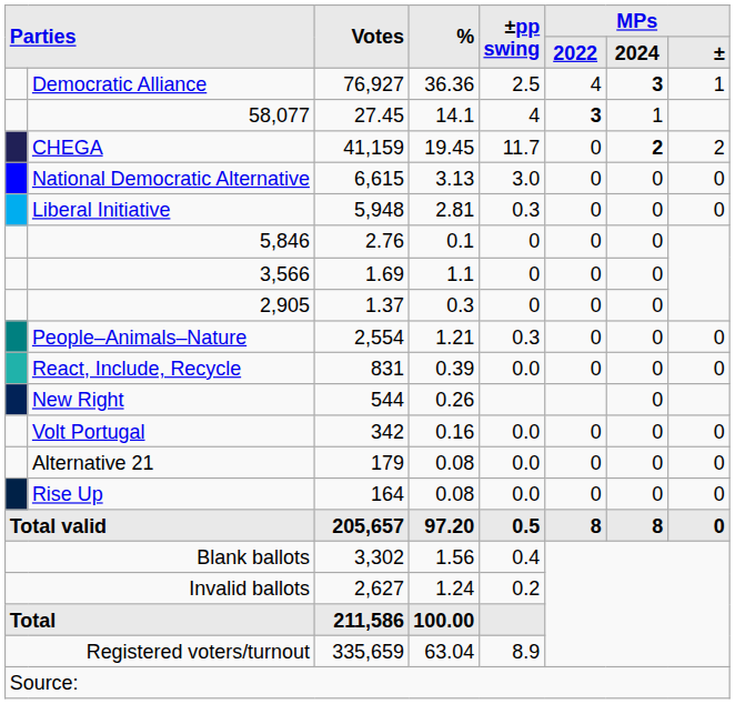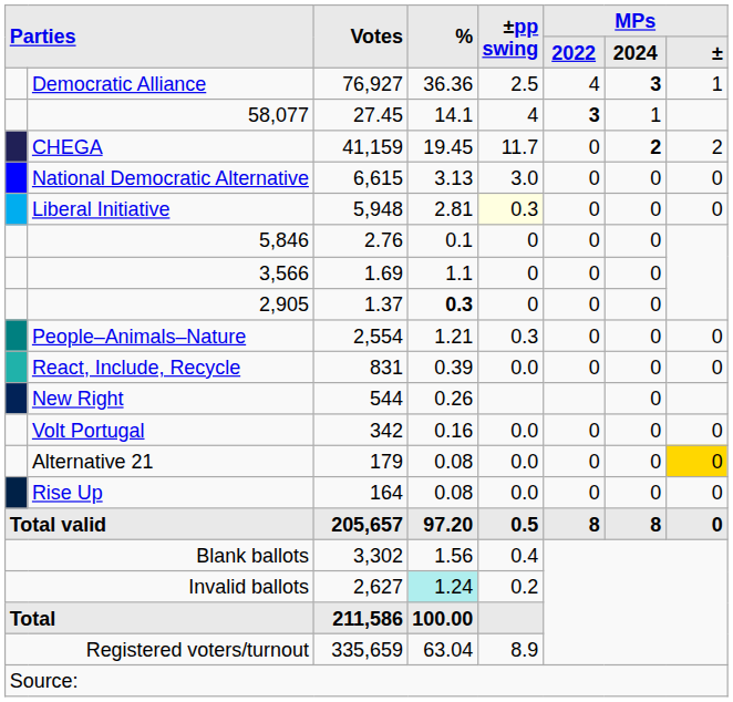 <table class="wikitable" style="text-align:right; font-size:95%;">
 <tr>
 <th rowspan="2" colspan="2" style="background:#e9e9e9; text-align:left;" alignleft><a href='#'>Parties</a></th>
 <th rowspan="2" style="background:#e9e9e9; text-align:right;">Votes</th>
 <th rowspan="2" style="background:#e9e9e9; text-align:right;">%</th>
 <th rowspan="2" style="background:#e9e9e9; text-align:right;">±<a href='#'>pp</a> <a href='#'>swing</a></th>
 <th colspan="3" style="background:#e9e9e9; text-align:center;"><a href='#'>MPs</a></th>
 </tr>
 <tr style="background-color:#E9E9E9">
 <th style="background-color:#E9E9E9;text-align:center;"><a href='#'>2022</a></th>
 <th style="background-color:#E9E9E9;text-align:center;">2024</th>
 <th style="background:#e9e9e9; text-align:right;">±</th>
 </tr>
 <tr>
 <td style="width: 10px"></td>
 <td align="left"><a href='#'>Democratic Alliance</a> </td>
 <td>76,927</td>
 <td>36.36</td>
 <td>2.5</td>
 <td>4</td>
 <td><strong>3</strong></td>
 <td>1</td>
 </tr>
 <tr>
 <td></td>
 <td>58,077</td>
 <td>27.45</td>
 <td>14.1</td>
 <td>4</td>
 <td><strong>3</strong></td>
 <td>1</td>
 </tr>
 <tr>
 <td style="width: 10px" bgcolor="#202056" align="center"></td>
 <td align="left"><a href='#'>CHEGA</a></td>
 <td>41,159</td>
 <td>19.45</td>
 <td>11.7</td>
 <td>0</td>
 <td><strong>2</strong></td>
 <td>2</td>
 </tr>
 <tr>
 <td style="width: 10px" bgcolor="blue" align="center"></td>
 <td align="left"><a href='#'>National Democratic Alternative</a></td>
 <td>6,615</td>
 <td>3.13</td>
 <td>3.0</td>
 <td>0</td>
 <td>0</td>
 <td>0</td>
 </tr>
 <tr>
 <td style="width: 10px" bgcolor="#00ADEF" align="center"></td>
 <td align="left"><a href='#'>Liberal Initiative</a></td>
 <td>5,948</td>
 <td>2.81</td>
-<td>0.3</td>
+<td style="background: lightyellow;">0.3</td>
 <td>0</td>
 <td>0</td>
 <td>0</td>
 </tr>
 <tr>
 <td></td>
 <td>5,846</td>
 <td>2.76</td>
 <td>0.1</td>
 <td>0</td>
 <td>0</td>
 <td>0</td>
 </tr>
 <tr>
 <td></td>
 <td>3,566</td>
 <td>1.69</td>
 <td>1.1</td>
 <td>0</td>
 <td>0</td>
 <td>0</td>
 </tr>
 <tr>
 <td></td>
 <td>2,905</td>
 <td>1.37</td>
-<td>0.3</td>
+<td><strong>0.3</strong></td>
 <td>0</td>
 <td>0</td>
 <td>0</td>
 </tr>
 <tr>
 <td style="width: 10px" bgcolor="teal" align="center"></td>
 <td align="left"><a href='#'>People–Animals–Nature</a></td>
 <td>2,554</td>
 <td>1.21</td>
 <td>0.3</td>
 <td>0</td>
 <td>0</td>
 <td>0</td>
 </tr>
 <tr>
 <td style="width: 10px" bgcolor="LightSeaGreen" align="center"></td>
 <td align="left"><a href='#'>React, Include, Recycle</a></td>
 <td>831</td>
 <td>0.39</td>
 <td>0.0</td>
 <td>0</td>
 <td>0</td>
 <td>0</td>
 </tr>
 <tr>
 <td style="width: 10px" bgcolor="#012257" align="center"></td>
 <td align="left"><a href='#'>New Right</a></td>
 <td>544</td>
 <td>0.26</td>
 <td></td>
 <td></td>
 <td>0</td>
 <td></td>
 </tr>
 <tr>
 <td style="width: 10px"></td>
 <td align="left"><a href='#'>Volt Portugal</a></td>
 <td>342</td>
 <td>0.16</td>
 <td>0.0</td>
 <td>0</td>
 <td>0</td>
 <td>0</td>
 </tr>
 <tr>
 <td style="width: 10px"></td>
 <td align="left">Alternative 21 </td>
 <td>179</td>
 <td>0.08</td>
 <td>0.0</td>
 <td>0</td>
 <td>0</td>
-<td>0</td>
+<td style="background: gold;">0</td>
 </tr>
 <tr>
 <td style="width: 10px" bgcolor="#002147" align="center"></td>
 <td align="left"><a href='#'>Rise Up</a></td>
 <td>164</td>
 <td>0.08</td>
 <td>0.0</td>
 <td>0</td>
 <td>0</td>
 <td>0</td>
 </tr>
 <tr>
 <td colspan=2 align=left style="background-color:#E9E9E9"><strong>Total valid</strong></td>
 <td width="65" align="right" style="background-color:#E9E9E9"><strong>205,657</strong></td>
 <td width="40" align="right" style="background-color:#E9E9E9"><strong>97.20</strong></td>
 <td width="40" align="right" style="background-color:#E9E9E9"><strong>0.5</strong></td>
 <td width="40" align="right" style="background-color:#E9E9E9"><strong>8</strong></td>
 <td width="40" align="right" style="background-color:#E9E9E9"><strong>8</strong></td>
 <td width="40" align="right" style="background-color:#E9E9E9"><strong>0</strong></td>
 </tr>
 <tr>
 <td colspan=2>Blank ballots</td>
 <td>3,302</td>
 <td>1.56</td>
 <td>0.4</td>
 <td colspan="3" rowspan="4"></td>
 </tr>
 <tr>
 <td colspan=2>Invalid ballots</td>
 <td>2,627</td>
-<td>1.24</td>
+<td style="background: paleturquoise;">1.24</td>
 <td>0.2</td>
 </tr>
 <tr>
 <td colspan=2 align=left style="background-color:#E9E9E9"><strong>Total</strong></td>
 <td width="50" align="right" style="background-color:#E9E9E9"><strong>211,586</strong></td>
 <td width="40" align="right" style="background-color:#E9E9E9"><strong>100.00</strong></td>
 <td width="40" align="right" style="background-color:#E9E9E9"></td>
 </tr>
 <tr>
 <td colspan=2>Registered voters/turnout</td>
 <td>335,659</td>
 <td>63.04</td>
 <td>8.9</td>
 </tr>
 <tr>
 <td colspan=8 align=left>Source: </td>
 </tr>
 </table>
